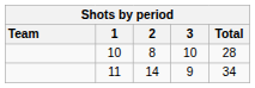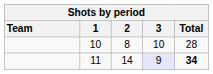 <table class="wikitable" style="width:20em; text-align:right;">
 <tr>
 <th colspan="6">Shots by period</th>
 </tr>
 <tr>
 <th style="width:8em; text-align:left;">Team</th>
 <th style="width:3em;">1</th>
 <th style="width:3em;">2</th>
 <th style="width:3em;">3</th>
 <th style="width:3em;">Total</th>
 </tr>
 <tr>
 <td style="text-align:left;"></td>
 <td style="text-align:center;">10</td>
 <td style="text-align:center;">8</td>
 <td style="text-align:center;">10</td>
 <td style="text-align:center;">28</td>
 </tr>
 <tr>
 <td style="text-align:left;"></td>
 <td style="text-align:center;">11</td>
 <td style="text-align:center;">14</td>
-<td style="text-align:center;">9</td>
-<td style="text-align:center;">34</td>
+<td style="background: lavender; text-align:center;">9</td>
+<td style="text-align:center;"><strong>34</strong></td>
 </tr>
 </table>
